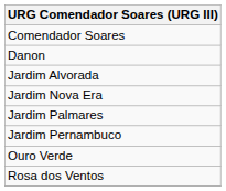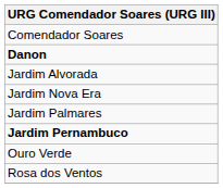 <table class="wikitable" style="margin-bottom: 10px;" border="1">
 <tr>
 <th>URG Comendador Soares (URG III)</th>
 </tr>
 <tr>
 <td>Comendador Soares</td>
 </tr>
 <tr>
-<td>Danon</td>
+<td><strong>Danon</strong></td>
 </tr>
 <tr>
 <td>Jardim Alvorada</td>
 </tr>
 <tr>
 <td>Jardim Nova Era</td>
 </tr>
 <tr>
 <td>Jardim Palmares</td>
 </tr>
 <tr>
-<td>Jardim Pernambuco</td>
+<td><strong>Jardim Pernambuco</strong></td>
 </tr>
 <tr>
 <td>Ouro Verde</td>
 </tr>
 <tr>
 <td>Rosa dos Ventos</td>
 </tr>
 <tr>
 </tr>
 </table>
